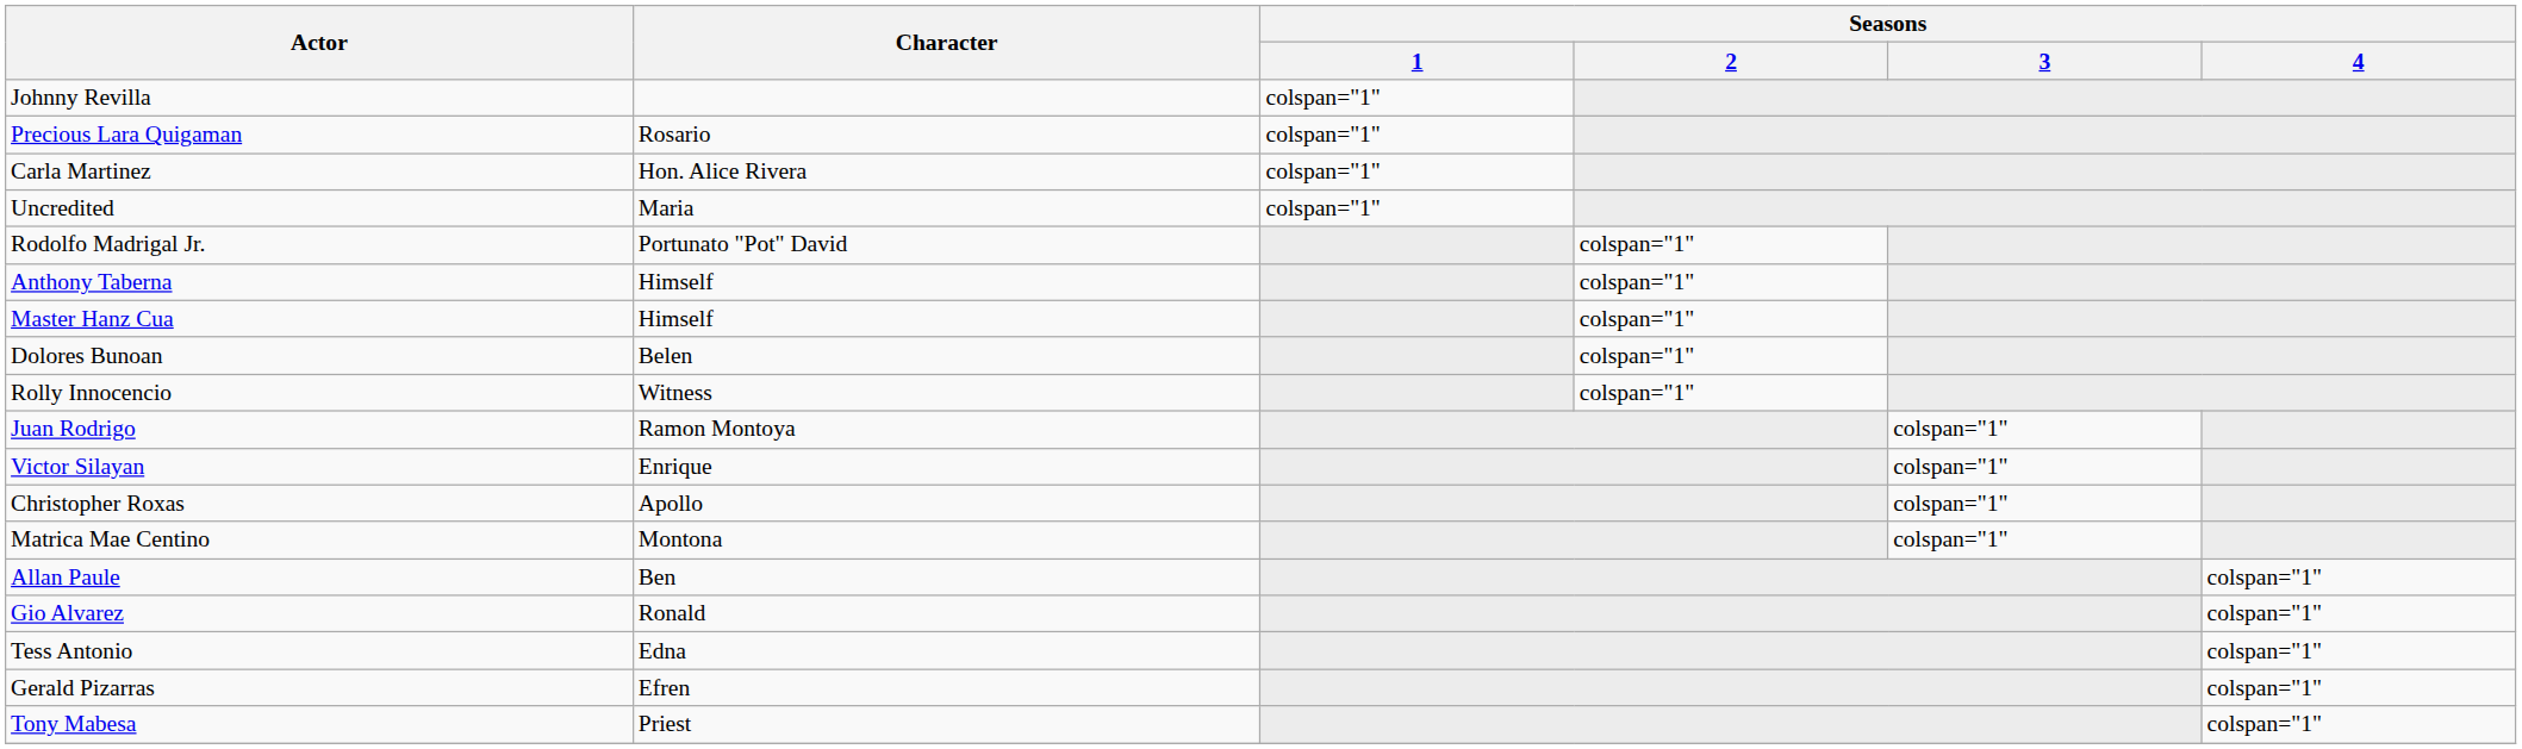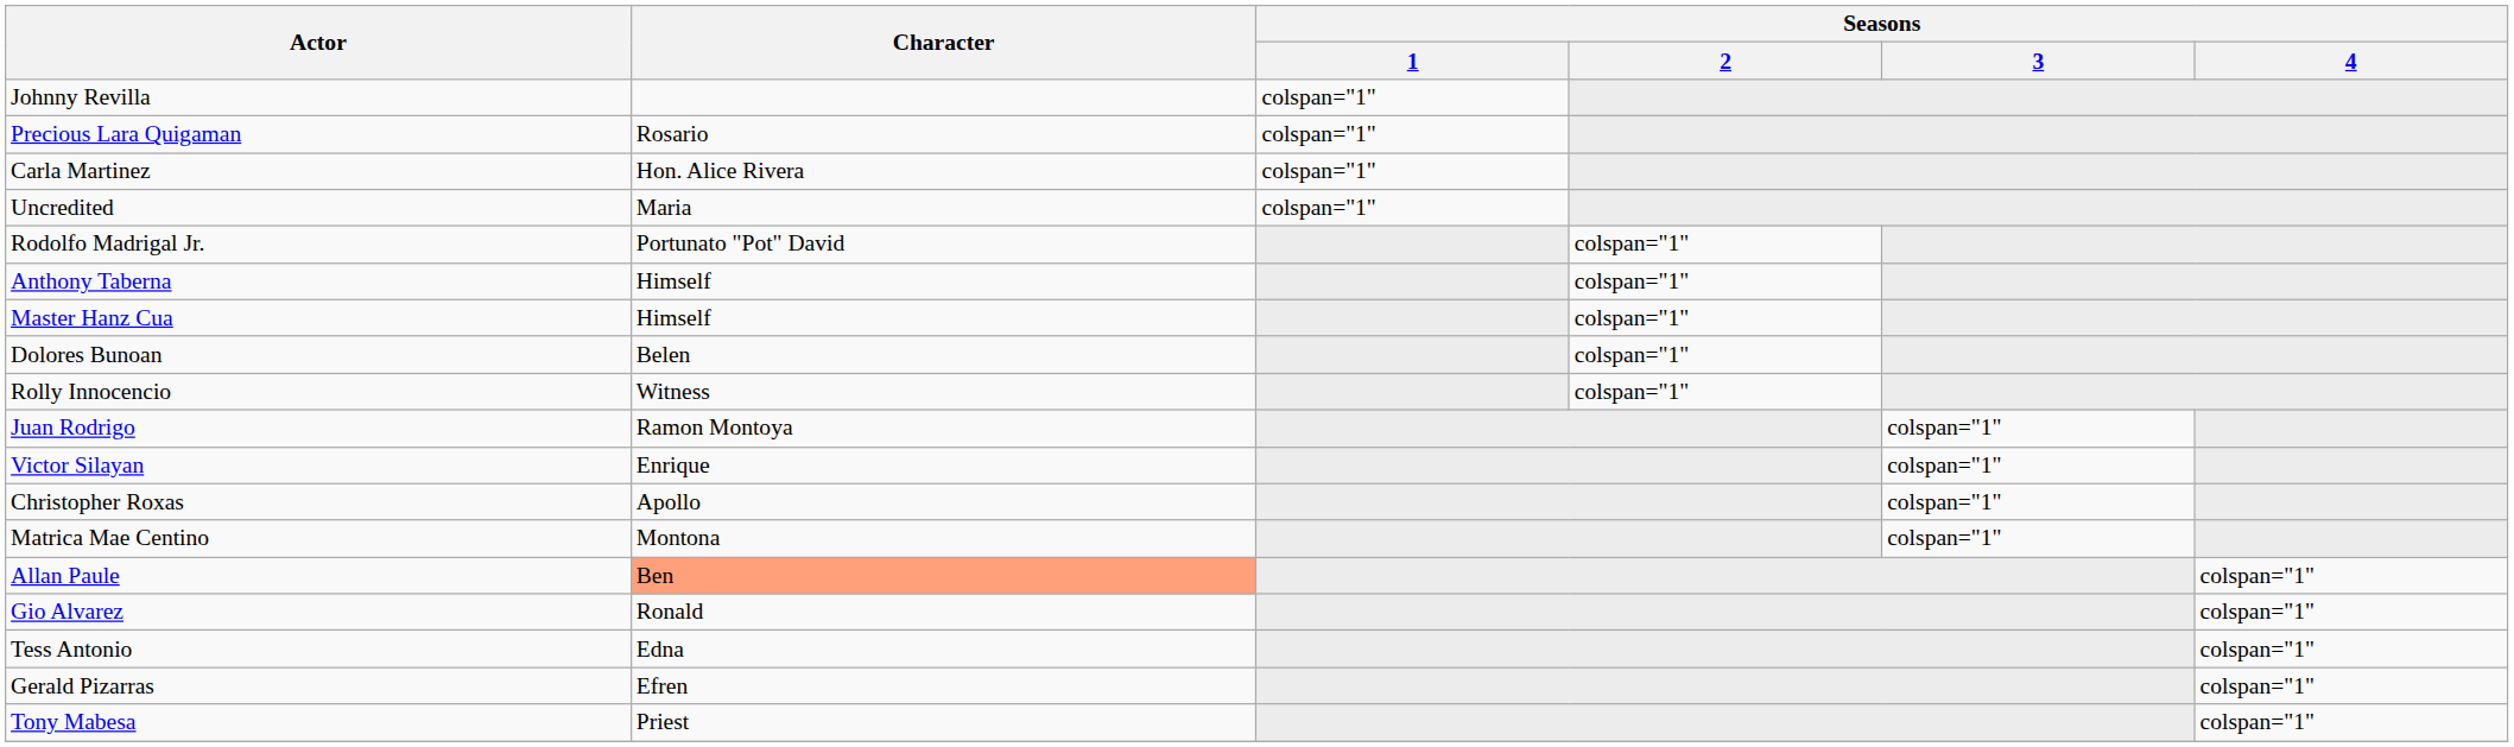 <table class="wikitable">
 <tr>
 <th style="width:10%;" rowspan="2">Actor</th>
 <th style="width:10%;" rowspan="2">Character</th>
 <th colspan="12">Seasons</th>
 </tr>
 <tr>
 <th style="width:5%;"><a href='#'>1</a></th>
 <th style="width:5%;"><a href='#'>2</a></th>
 <th style="width:5%;"><a href='#'>3</a></th>
 <th style="width:5%;"><a href='#'>4</a></th>
 </tr>
 <tr>
 <td>Johnny Revilla</td>
 <td></td>
 <td>colspan="1" </td>
 <td colspan="3" style="background: #ececec; color: grey; vertical-align: middle; text-align: center; " class="table-na"></td>
 </tr>
 <tr>
 <td><a href='#'>Precious Lara Quigaman</a></td>
 <td>Rosario</td>
 <td>colspan="1" </td>
 <td colspan="3" style="background: #ececec; color: grey; vertical-align: middle; text-align: center; " class="table-na"></td>
 </tr>
 <tr>
 <td>Carla Martinez</td>
 <td>Hon. Alice Rivera</td>
 <td>colspan="1" </td>
 <td colspan="3" style="background: #ececec; color: grey; vertical-align: middle; text-align: center; " class="table-na"></td>
 </tr>
 <tr>
 <td>Uncredited</td>
 <td>Maria</td>
 <td>colspan="1" </td>
 <td colspan="3" style="background: #ececec; color: grey; vertical-align: middle; text-align: center; " class="table-na"></td>
 </tr>
 <tr>
 <td>Rodolfo Madrigal Jr.</td>
 <td>Portunato "Pot" David</td>
 <td colspan="1" style="background: #ececec; color: grey; vertical-align: middle; text-align: center; " class="table-na"></td>
 <td>colspan="1" </td>
 <td colspan="2" style="background: #ececec; color: grey; vertical-align: middle; text-align: center; " class="table-na"></td>
 </tr>
 <tr>
 <td><a href='#'>Anthony Taberna</a></td>
 <td>Himself</td>
 <td colspan="1" style="background: #ececec; color: grey; vertical-align: middle; text-align: center; " class="table-na"></td>
 <td>colspan="1" </td>
 <td colspan="2" style="background: #ececec; color: grey; vertical-align: middle; text-align: center; " class="table-na"></td>
 </tr>
 <tr>
 <td><a href='#'>Master Hanz Cua</a></td>
 <td>Himself</td>
 <td colspan="1" style="background: #ececec; color: grey; vertical-align: middle; text-align: center; " class="table-na"></td>
 <td>colspan="1" </td>
 <td colspan="2" style="background: #ececec; color: grey; vertical-align: middle; text-align: center; " class="table-na"></td>
 </tr>
 <tr>
 <td>Dolores Bunoan</td>
 <td>Belen</td>
 <td colspan="1" style="background: #ececec; color: grey; vertical-align: middle; text-align: center; " class="table-na"></td>
 <td>colspan="1" </td>
 <td colspan="2" style="background: #ececec; color: grey; vertical-align: middle; text-align: center; " class="table-na"></td>
 </tr>
 <tr>
 <td>Rolly Innocencio</td>
 <td>Witness</td>
 <td colspan="1" style="background: #ececec; color: grey; vertical-align: middle; text-align: center; " class="table-na"></td>
 <td>colspan="1" </td>
 <td colspan="2" style="background: #ececec; color: grey; vertical-align: middle; text-align: center; " class="table-na"></td>
 </tr>
 <tr>
 <td><a href='#'>Juan Rodrigo</a></td>
 <td>Ramon Montoya</td>
 <td colspan="2" style="background: #ececec; color: grey; vertical-align: middle; text-align: center; " class="table-na"></td>
 <td>colspan="1" </td>
 <td colspan="1" style="background: #ececec; color: grey; vertical-align: middle; text-align: center; " class="table-na"></td>
 </tr>
 <tr>
 <td><a href='#'>Victor Silayan</a></td>
 <td>Enrique</td>
 <td colspan="2" style="background: #ececec; color: grey; vertical-align: middle; text-align: center; " class="table-na"></td>
 <td>colspan="1" </td>
 <td colspan="1" style="background: #ececec; color: grey; vertical-align: middle; text-align: center; " class="table-na"></td>
 </tr>
 <tr>
 <td>Christopher Roxas</td>
 <td>Apollo</td>
 <td colspan="2" style="background: #ececec; color: grey; vertical-align: middle; text-align: center; " class="table-na"></td>
 <td>colspan="1" </td>
 <td colspan="1" style="background: #ececec; color: grey; vertical-align: middle; text-align: center; " class="table-na"></td>
 </tr>
 <tr>
 <td>Matrica Mae Centino</td>
 <td>Montona</td>
 <td colspan="2" style="background: #ececec; color: grey; vertical-align: middle; text-align: center; " class="table-na"></td>
 <td>colspan="1" </td>
 <td colspan="1" style="background: #ececec; color: grey; vertical-align: middle; text-align: center; " class="table-na"></td>
 </tr>
 <tr>
 <td><a href='#'>Allan Paule</a></td>
-<td>Ben</td>
+<td style="background: lightsalmon;">Ben</td>
 <td colspan="3" style="background: #ececec; color: grey; vertical-align: middle; text-align: center; " class="table-na"></td>
 <td>colspan="1" </td>
 </tr>
 <tr>
 <td><a href='#'>Gio Alvarez</a></td>
 <td>Ronald</td>
 <td colspan="3" style="background: #ececec; color: grey; vertical-align: middle; text-align: center; " class="table-na"></td>
 <td>colspan="1" </td>
 </tr>
 <tr>
 <td>Tess Antonio</td>
 <td>Edna</td>
 <td colspan="3" style="background: #ececec; color: grey; vertical-align: middle; text-align: center; " class="table-na"></td>
 <td>colspan="1" </td>
 </tr>
 <tr>
 <td>Gerald Pizarras</td>
 <td>Efren</td>
 <td colspan="3" style="background: #ececec; color: grey; vertical-align: middle; text-align: center; " class="table-na"></td>
 <td>colspan="1" </td>
 </tr>
 <tr>
 <td><a href='#'>Tony Mabesa</a></td>
 <td>Priest</td>
 <td colspan="3" style="background: #ececec; color: grey; vertical-align: middle; text-align: center; " class="table-na"></td>
 <td>colspan="1" </td>
 </tr>
 <tr>
 </tr>
 </table>
